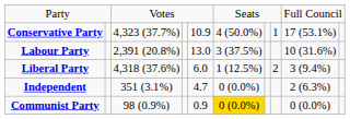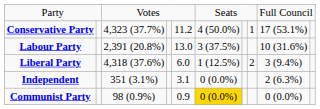 <table class=wikitable style="text-align:center;">
 <tr>
 <td colspan=2>Party</td>
 <td colspan=3>Votes</td>
 <td colspan=3>Seats</td>
 <td colspan=3>Full Council</td>
 </tr>
 <tr>
 <td><strong><a href='#'>Conservative Party</a></strong></td>
 <td style="background:"></td>
 <td>4,323 (37.7%)</td>
 <td></td>
-<td> 10.9</td>
+<td> 11.2</td>
 <td>4 (50.0%)</td>
 <td></td>
 <td> 1</td>
 <td>17 (53.1%)</td>
 <td></td>
 </tr>
 <tr>
 <td><strong><a href='#'>Labour Party</a></strong></td>
 <td style="background:"></td>
 <td>2,391 (20.8%)</td>
 <td></td>
 <td> 13.0</td>
 <td>3 (37.5%)</td>
 <td></td>
 <td></td>
 <td>10 (31.6%)</td>
 <td></td>
 </tr>
 <tr>
 <td><strong><a href='#'>Liberal Party</a></strong></td>
 <td style="background:"></td>
 <td>4,318 (37.6%)</td>
 <td></td>
 <td> 6.0</td>
 <td>1 (12.5%)</td>
 <td></td>
 <td> 2</td>
 <td>3 (9.4%)</td>
 <td></td>
 </tr>
 <tr>
 <td><strong><a href='#'>Independent</a></strong></td>
 <td style="background:"></td>
 <td>351 (3.1%)</td>
 <td></td>
-<td> 4.7</td>
+<td> 3.1</td>
 <td>0 (0.0%)</td>
 <td></td>
 <td></td>
 <td>2 (6.3%)</td>
 <td></td>
 </tr>
 <tr>
 <td><strong><a href='#'>Communist Party</a></strong></td>
 <td style="background:"></td>
 <td>98 (0.9%)</td>
 <td></td>
 <td> 0.9</td>
 <td style="background: gold;">0 (0.0%)</td>
 <td></td>
 <td></td>
 <td>0 (0.0%)</td>
 <td></td>
 </tr>
 </table>
